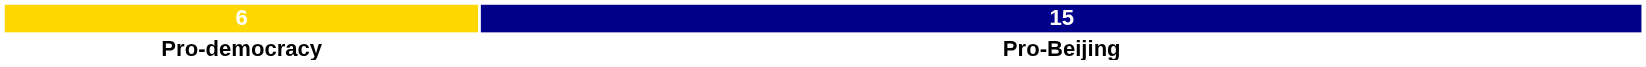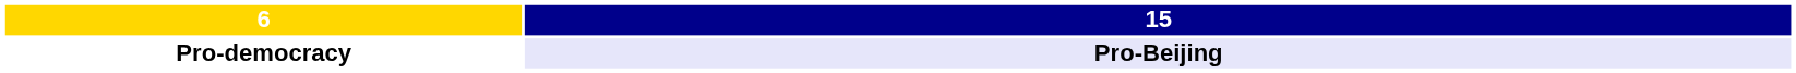 <table style="width:60%; text-align:center;">
 <tr style="color:white;">
 <td style="background:gold; width:29%;"><strong>6</strong></td>
 <td style="background:darkblue; width:71%;"><strong>15</strong></td>
 </tr>
 <tr>
 <td><span><strong>Pro-democracy</strong></span></td>
-<td><span><strong>Pro-Beijing</strong></span></td>
+<td style="background: lavender;"><span><strong>Pro-Beijing</strong></span></td>
 </tr>
 </table>
